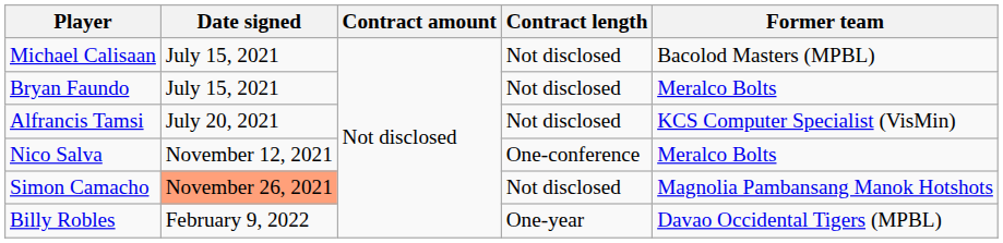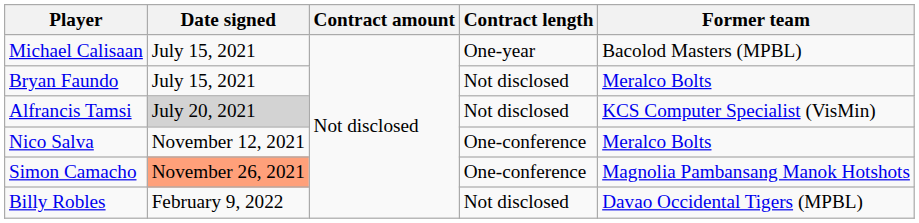 <table class="wikitable sortable sortable">
 <tr>
 <th>Player</th>
 <th>Date signed</th>
 <th>Contract amount</th>
 <th>Contract length</th>
 <th>Former team</th>
 </tr>
 <tr>
 <td><a href='#'>Michael Calisaan</a></td>
 <td>July 15, 2021</td>
 <td rowspan="6">Not disclosed</td>
-<td>Not disclosed</td>
+<td>One-year</td>
 <td>Bacolod Masters (MPBL)</td>
 </tr>
 <tr>
 <td><a href='#'>Bryan Faundo</a></td>
 <td>July 15, 2021</td>
 <td>Not disclosed</td>
 <td><a href='#'>Meralco Bolts</a></td>
 </tr>
 <tr>
 <td><a href='#'>Alfrancis Tamsi</a></td>
-<td>July 20, 2021</td>
+<td style="background: lightgrey;">July 20, 2021</td>
 <td>Not disclosed</td>
 <td><a href='#'>KCS Computer Specialist</a> (VisMin)</td>
 </tr>
 <tr>
 <td><a href='#'>Nico Salva</a></td>
 <td>November 12, 2021</td>
 <td>One-conference</td>
 <td><a href='#'>Meralco Bolts</a></td>
 </tr>
 <tr>
 <td><a href='#'>Simon Camacho</a></td>
 <td style="background: lightsalmon;">November 26, 2021</td>
-<td>Not disclosed</td>
+<td>One-conference</td>
 <td><a href='#'>Magnolia Pambansang Manok Hotshots</a></td>
 </tr>
 <tr>
 <td><a href='#'>Billy Robles</a></td>
 <td>February 9, 2022</td>
-<td>One-year</td>
+<td>Not disclosed</td>
 <td><a href='#'>Davao Occidental Tigers</a> (MPBL)</td>
 </tr>
 </table>
